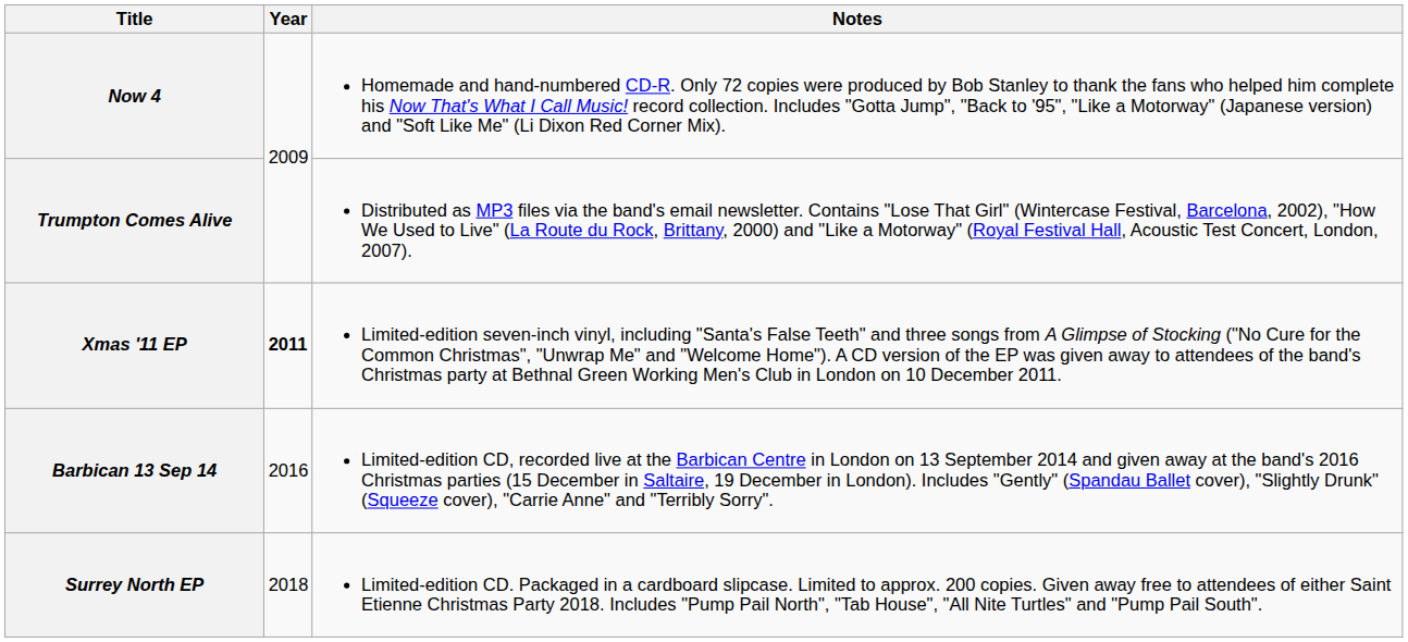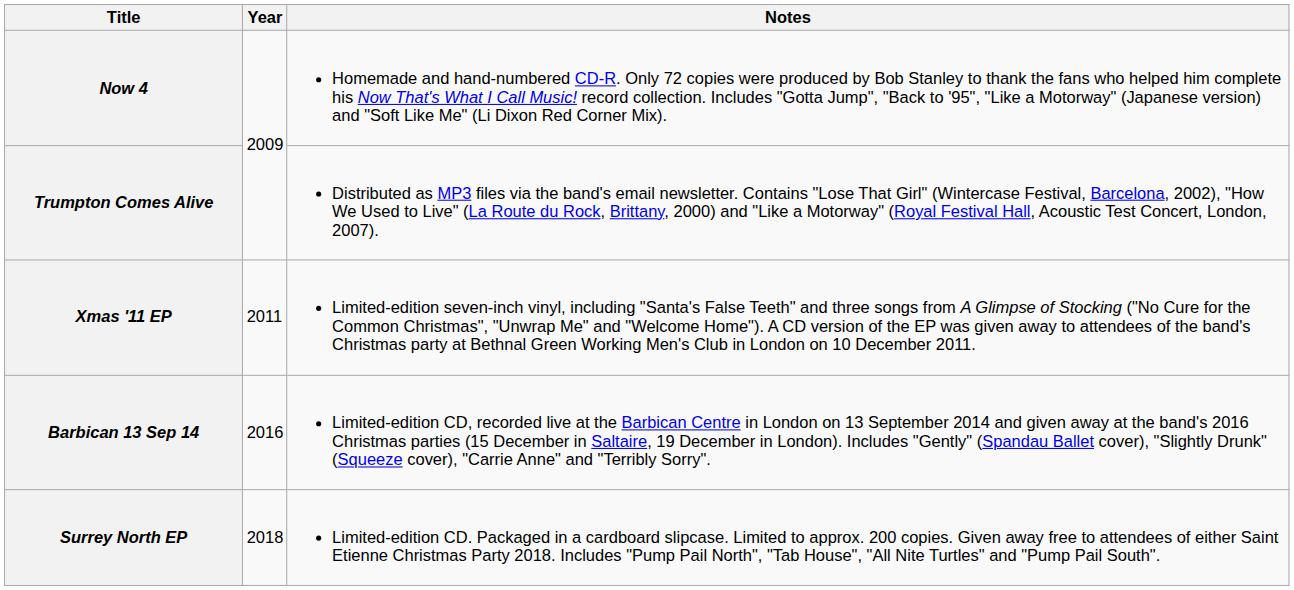 <table class="wikitable plainrowheaders">
 <tr>
 <th scope="col" style="width:14em;">Title</th>
 <th scope="col" style="width:1em;">Year</th>
 <th scope="col">Notes</th>
 </tr>
 <tr>
 <th scope="row"><em>Now 4</em></th>
 <td rowspan="2">2009</td>
 <td><br><ul><li>Homemade and hand-numbered <a href='#'>CD-R</a>. Only 72 copies were produced by Bob Stanley to thank the fans who helped him complete his <em><a href='#'>Now That's What I Call Music!</a></em> record collection. Includes "Gotta Jump", "Back to '95", "Like a Motorway" (Japanese version) and "Soft Like Me" (Li Dixon Red Corner Mix).</li></ul></td>
 </tr>
 <tr>
 <th scope="row"><em>Trumpton Comes Alive</em></th>
 <td><br><ul><li>Distributed as <a href='#'>MP3</a> files via the band's email newsletter. Contains "Lose That Girl" (Wintercase Festival, <a href='#'>Barcelona</a>, 2002), "How We Used to Live" (<a href='#'>La Route du Rock</a>, <a href='#'>Brittany</a>, 2000) and "Like a Motorway" (<a href='#'>Royal Festival Hall</a>, Acoustic Test Concert, London, 2007).</li></ul></td>
 </tr>
 <tr>
 <th scope="row"><em>Xmas '11 EP</em></th>
-<td><strong>2011</strong></td>
+<td>2011</td>
 <td><br><ul><li>Limited-edition seven-inch vinyl, including "Santa's False Teeth" and three songs from <em>A Glimpse of Stocking</em> ("No Cure for the Common Christmas", "Unwrap Me" and "Welcome Home"). A CD version of the EP was given away to attendees of the band's Christmas party at Bethnal Green Working Men's Club in London on 10 December 2011.</li></ul></td>
 </tr>
 <tr>
 <th scope="row"><em>Barbican 13 Sep 14</em></th>
 <td>2016</td>
 <td><br><ul><li>Limited-edition CD, recorded live at the <a href='#'>Barbican Centre</a> in London on 13 September 2014 and given away at the band's 2016 Christmas parties (15 December in <a href='#'>Saltaire</a>, 19 December in London). Includes "Gently" (<a href='#'>Spandau Ballet</a> cover), "Slightly Drunk" (<a href='#'>Squeeze</a> cover), "Carrie Anne" and "Terribly Sorry".</li></ul></td>
 </tr>
 <tr>
 <th scope="row"><em>Surrey North EP</em></th>
 <td>2018</td>
 <td><br><ul><li>Limited-edition CD. Packaged in a cardboard slipcase. Limited to approx. 200 copies. Given away free to attendees of either Saint Etienne Christmas Party 2018. Includes "Pump Pail North", "Tab House", "All Nite Turtles" and "Pump Pail South".</li></ul></td>
 </tr>
 </table>
